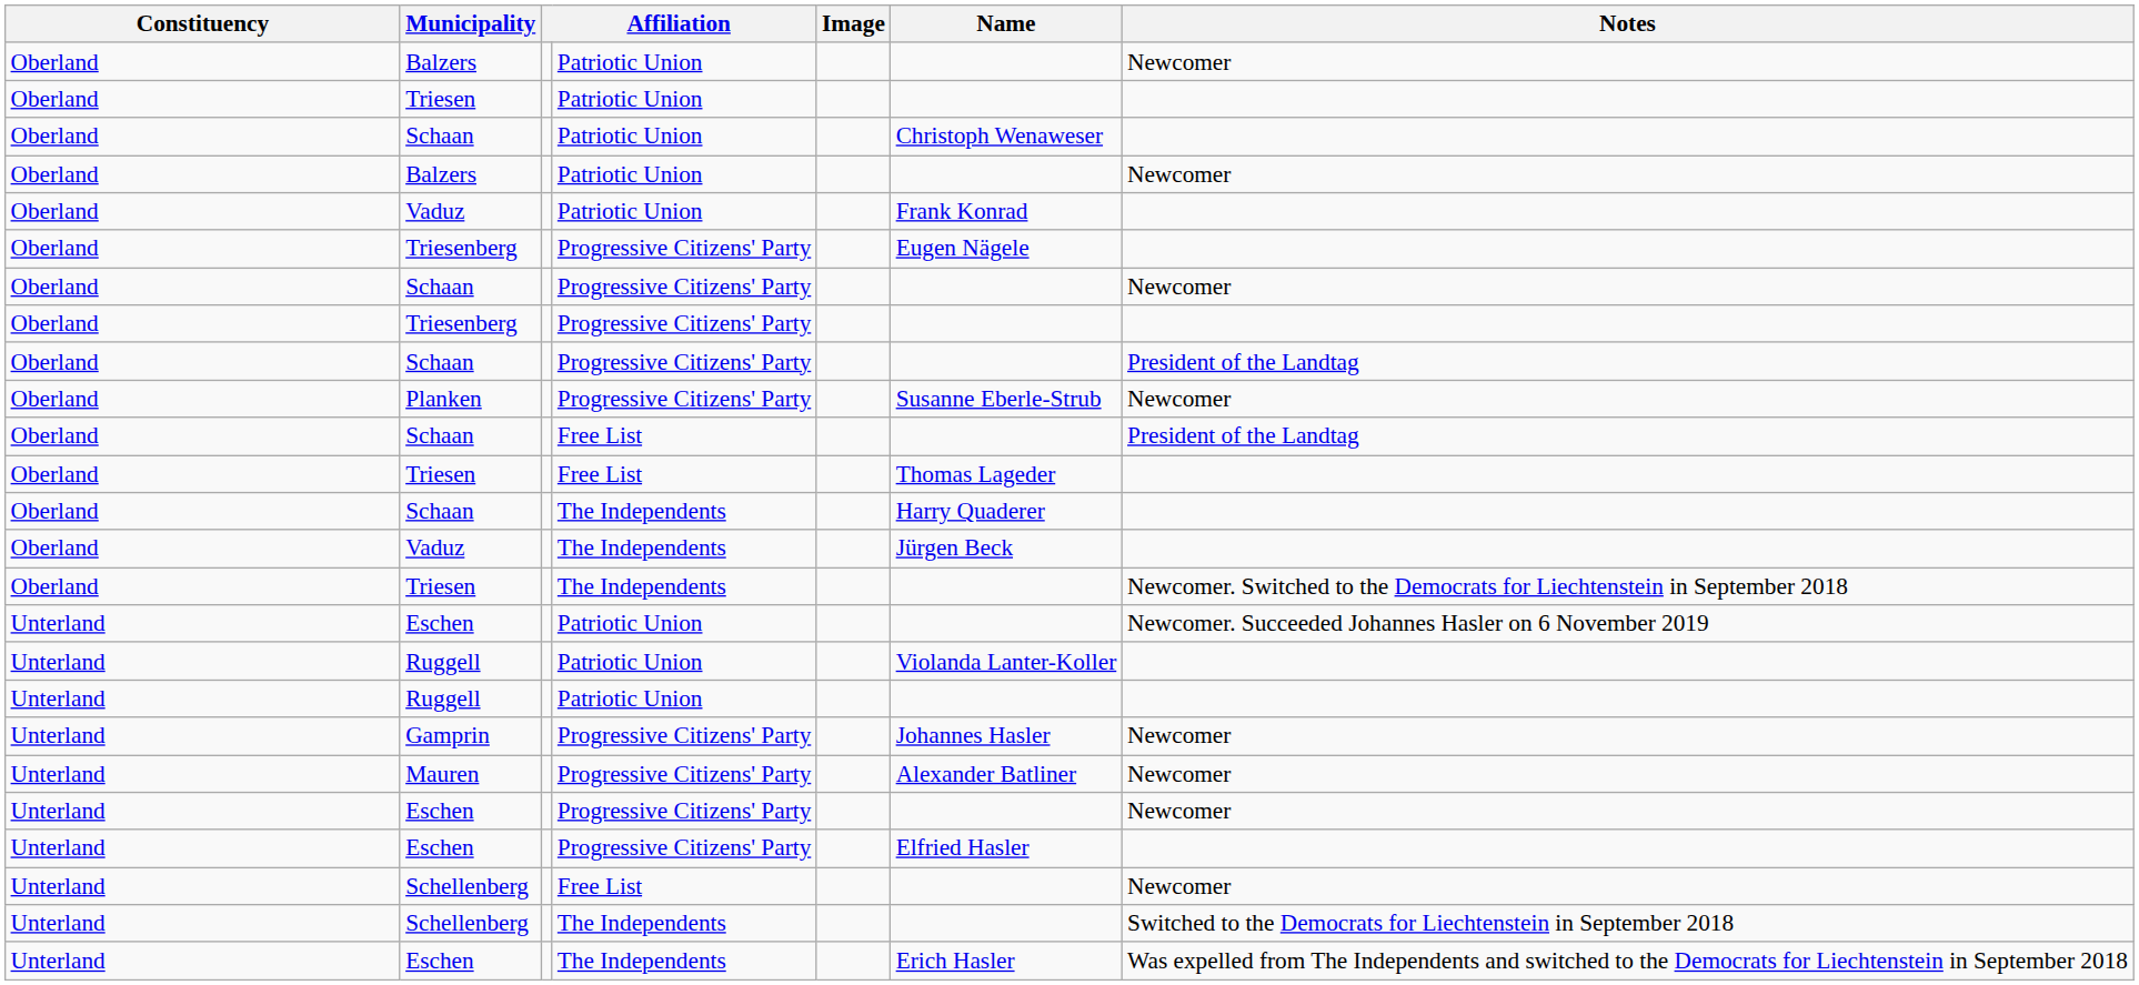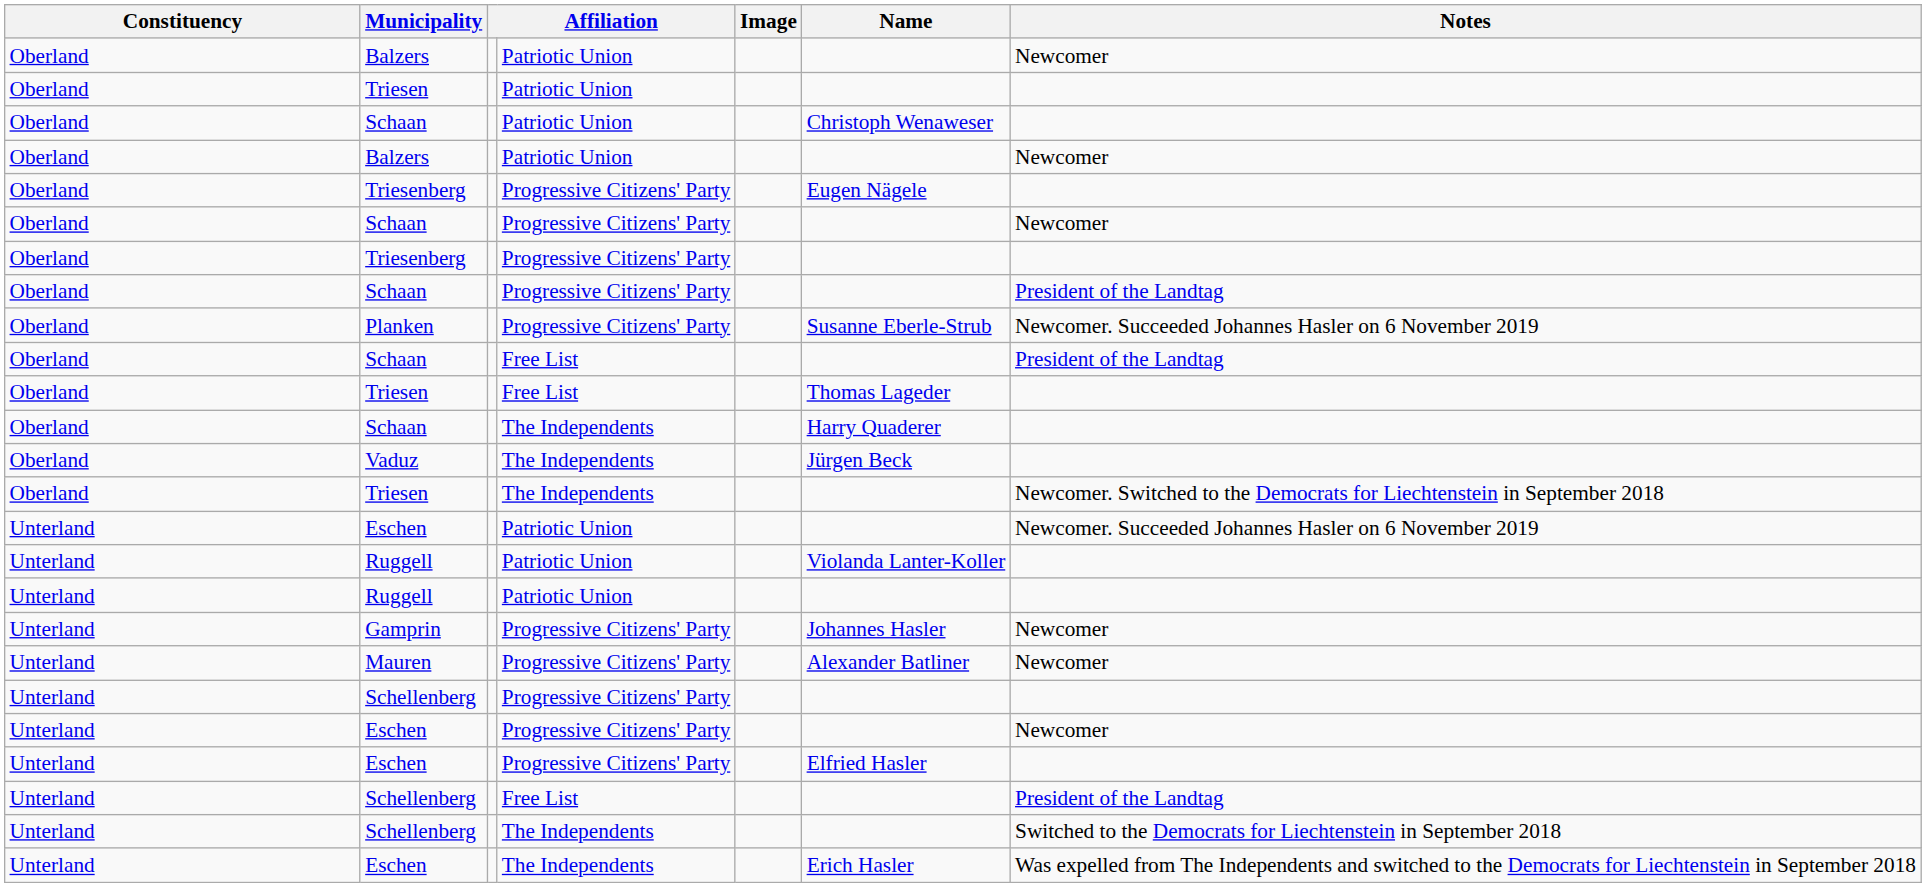 <table class="wikitable sortable" id="elected-mps">
 <tr>
 <th width="260px">Constituency</th>
 <th><a href='#'>Municipality</a></th>
 <th colspan="2"><a href='#'>Affiliation</a></th>
 <th>Image</th>
 <th>Name</th>
 <th>Notes</th>
 </tr>
 <tr>
 <td><a href='#'>Oberland</a></td>
 <td><a href='#'>Balzers</a></td>
 <td style="background-color: "></td>
 <td><a href='#'>Patriotic Union</a></td>
 <td></td>
 <td></td>
 <td>Newcomer</td>
 </tr>
 <tr>
 <td><a href='#'>Oberland</a></td>
 <td><a href='#'>Triesen</a></td>
 <td style="background-color: "></td>
 <td><a href='#'>Patriotic Union</a></td>
 <td></td>
 <td></td>
 <td></td>
 </tr>
 <tr>
 <td><a href='#'>Oberland</a></td>
 <td><a href='#'>Schaan</a></td>
 <td style="background-color: "></td>
 <td><a href='#'>Patriotic Union</a></td>
 <td></td>
 <td><a href='#'>Christoph Wenaweser</a></td>
 <td></td>
 </tr>
 <tr>
 <td><a href='#'>Oberland</a></td>
 <td><a href='#'>Balzers</a></td>
 <td style="background-color: "></td>
 <td><a href='#'>Patriotic Union</a></td>
 <td></td>
 <td></td>
 <td>Newcomer</td>
 </tr>
 <tr>
 <td><a href='#'>Oberland</a></td>
-<td><a href='#'>Vaduz</a></td>
-<td style="background-color: "></td>
-<td><a href='#'>Patriotic Union</a></td>
-<td></td>
-<td><a href='#'>Frank Konrad</a></td>
-<td></td>
-</tr>
-<tr>
-<td><a href='#'>Oberland</a></td>
 <td><a href='#'>Triesenberg</a></td>
 <td style="background-color: "></td>
 <td><a href='#'>Progressive Citizens' Party</a></td>
 <td></td>
 <td><a href='#'>Eugen Nägele</a></td>
 <td></td>
 </tr>
 <tr>
 <td><a href='#'>Oberland</a></td>
 <td><a href='#'>Schaan</a></td>
 <td style="background-color: "></td>
 <td><a href='#'>Progressive Citizens' Party</a></td>
 <td></td>
 <td></td>
 <td>Newcomer</td>
 </tr>
 <tr>
 <td><a href='#'>Oberland</a></td>
 <td><a href='#'>Triesenberg</a></td>
 <td style="background-color: "></td>
 <td><a href='#'>Progressive Citizens' Party</a></td>
 <td></td>
 <td></td>
 <td></td>
 </tr>
 <tr>
 <td><a href='#'>Oberland</a></td>
 <td><a href='#'>Schaan</a></td>
 <td style="background-color: "></td>
 <td><a href='#'>Progressive Citizens' Party</a></td>
 <td></td>
 <td></td>
 <td><a href='#'>President of the Landtag</a></td>
 </tr>
 <tr>
 <td><a href='#'>Oberland</a></td>
 <td><a href='#'>Planken</a></td>
 <td style="background-color: "></td>
 <td><a href='#'>Progressive Citizens' Party</a></td>
 <td></td>
 <td><a href='#'>Susanne Eberle-Strub</a></td>
-<td>Newcomer</td>
+<td>Newcomer. Succeeded Johannes Hasler on 6 November 2019</td>
 </tr>
 <tr>
 <td><a href='#'>Oberland</a></td>
 <td><a href='#'>Schaan</a></td>
 <td style="background-color: "></td>
 <td><a href='#'>Free List</a></td>
 <td></td>
 <td></td>
 <td><a href='#'>President of the Landtag</a></td>
 </tr>
 <tr>
 <td><a href='#'>Oberland</a></td>
 <td><a href='#'>Triesen</a></td>
 <td style="background-color: "></td>
 <td><a href='#'>Free List</a></td>
 <td></td>
 <td><a href='#'>Thomas Lageder</a></td>
 <td></td>
 </tr>
 <tr>
 <td><a href='#'>Oberland</a></td>
 <td><a href='#'>Schaan</a></td>
 <td style="background-color: "></td>
 <td><a href='#'>The Independents</a></td>
 <td></td>
 <td><a href='#'>Harry Quaderer</a></td>
 <td></td>
 </tr>
 <tr>
 <td><a href='#'>Oberland</a></td>
 <td><a href='#'>Vaduz</a></td>
 <td style="background-color: "></td>
 <td><a href='#'>The Independents</a></td>
 <td></td>
 <td><a href='#'>Jürgen Beck</a></td>
 <td></td>
 </tr>
 <tr>
 <td><a href='#'>Oberland</a></td>
 <td><a href='#'>Triesen</a></td>
 <td style="background-color: "></td>
 <td><a href='#'>The Independents</a></td>
 <td></td>
 <td></td>
 <td>Newcomer. Switched to the <a href='#'>Democrats for Liechtenstein</a> in September 2018</td>
 </tr>
 <tr>
 <td><a href='#'>Unterland</a></td>
 <td><a href='#'>Eschen</a></td>
 <td style="background-color: "></td>
 <td><a href='#'>Patriotic Union</a></td>
 <td></td>
 <td></td>
 <td>Newcomer. Succeeded Johannes Hasler on 6 November 2019</td>
 </tr>
 <tr>
 <td><a href='#'>Unterland</a></td>
 <td><a href='#'>Ruggell</a></td>
 <td style="background-color: "></td>
 <td><a href='#'>Patriotic Union</a></td>
 <td></td>
 <td><a href='#'>Violanda Lanter-Koller</a></td>
 <td></td>
 </tr>
 <tr>
 <td><a href='#'>Unterland</a></td>
 <td><a href='#'>Ruggell</a></td>
 <td style="background-color: "></td>
 <td><a href='#'>Patriotic Union</a></td>
 <td></td>
 <td></td>
 <td></td>
 </tr>
 <tr>
 <td><a href='#'>Unterland</a></td>
 <td><a href='#'>Gamprin</a></td>
 <td style="background-color: "></td>
 <td><a href='#'>Progressive Citizens' Party</a></td>
 <td></td>
 <td><a href='#'>Johannes Hasler</a></td>
 <td>Newcomer</td>
 </tr>
 <tr>
 <td><a href='#'>Unterland</a></td>
 <td><a href='#'>Mauren</a></td>
 <td style="background-color: "></td>
 <td><a href='#'>Progressive Citizens' Party</a></td>
 <td></td>
 <td><a href='#'>Alexander Batliner</a></td>
 <td>Newcomer</td>
 </tr>
 <tr>
 <td><a href='#'>Unterland</a></td>
+<td><a href='#'>Schellenberg</a></td>
+<td style="background-color: "></td>
+<td><a href='#'>Progressive Citizens' Party</a></td>
+<td></td>
+<td></td>
+<td></td>
+</tr>
+<tr>
+<td><a href='#'>Unterland</a></td>
 <td><a href='#'>Eschen</a></td>
 <td style="background-color: "></td>
 <td><a href='#'>Progressive Citizens' Party</a></td>
 <td></td>
 <td></td>
 <td>Newcomer</td>
 </tr>
 <tr>
 <td><a href='#'>Unterland</a></td>
 <td><a href='#'>Eschen</a></td>
 <td style="background-color: "></td>
 <td><a href='#'>Progressive Citizens' Party</a></td>
 <td></td>
 <td><a href='#'>Elfried Hasler</a></td>
 <td></td>
 </tr>
 <tr>
 <td><a href='#'>Unterland</a></td>
 <td><a href='#'>Schellenberg</a></td>
 <td style="background-color: "></td>
 <td><a href='#'>Free List</a></td>
 <td></td>
 <td></td>
-<td>Newcomer</td>
+<td><a href='#'>President of the Landtag</a></td>
 </tr>
 <tr>
 <td><a href='#'>Unterland</a></td>
 <td><a href='#'>Schellenberg</a></td>
 <td style="background-color: "></td>
 <td><a href='#'>The Independents</a></td>
 <td></td>
 <td></td>
 <td>Switched to the <a href='#'>Democrats for Liechtenstein</a> in September 2018</td>
 </tr>
 <tr>
 <td><a href='#'>Unterland</a></td>
 <td><a href='#'>Eschen</a></td>
 <td style="background-color: "></td>
 <td><a href='#'>The Independents</a></td>
 <td></td>
 <td><a href='#'>Erich Hasler</a></td>
 <td>Was expelled from The Independents and switched to the <a href='#'>Democrats for Liechtenstein</a> in September 2018</td>
 </tr>
 </table>
